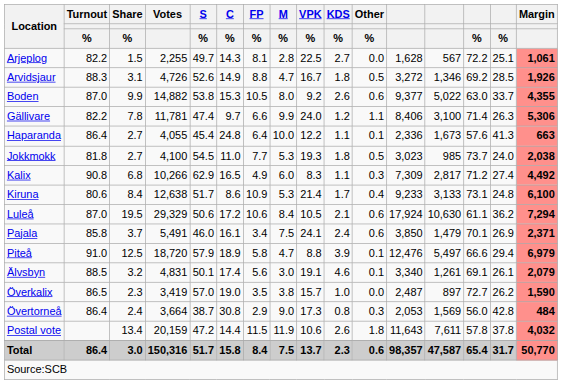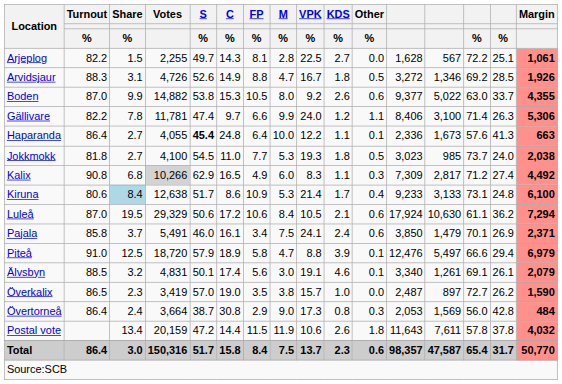 <table class="wikitable sortable" style="text-align:right; font-size:95%; line-height:20px;">
 <tr>
 <th rowspan="3">Location</th>
 <th>Turnout</th>
 <th>Share</th>
 <th>Votes</th>
 <th width="30px" class="unsortable"><a href='#'>S</a></th>
 <th width="30px" class="unsortable"><a href='#'>C</a></th>
 <th width="30px" class="unsortable"><a href='#'>FP</a></th>
 <th width="30px" class="unsortable"><a href='#'>M</a></th>
 <th width="30px" class="unsortable"><a href='#'>VPK</a></th>
 <th width="30px" class="unsortable"><a href='#'>KDS</a></th>
 <th width="30px" class="unsortable">Other</th>
 <th></th>
 <th></th>
 <th></th>
 <th></th>
 <th>Margin</th>
 </tr>
 <tr>
 <th></th>
 <th></th>
 <th></th>
 <th style="background:"></th>
 <th style="background:"></th>
 <th style="background:"></th>
 <th style="background:"></th>
 <th style="background:"></th>
 <th style="background:"></th>
 <th style="background:"></th>
 <th style="background:"></th>
 <th style="background:"></th>
 <th style="background:"></th>
 <th style="background:"></th>
 <th></th>
 </tr>
 <tr>
 <th data-sort-type="number">%</th>
 <th data-sort-type="number">%</th>
 <th></th>
 <th data-sort-type="number">%</th>
 <th data-sort-type="number">%</th>
 <th data-sort-type="number">%</th>
 <th data-sort-type="number">%</th>
 <th data-sort-type="number">%</th>
 <th data-sort-type="number">%</th>
 <th data-sort-type="number">%</th>
 <th data-sort-type="number"></th>
 <th data-sort-type="number"></th>
 <th data-sort-type="number">%</th>
 <th data-sort-type="number">%</th>
 <th data-sort-type="number"></th>
 </tr>
 <tr>
 <td align=left><a href='#'>Arjeplog</a></td>
 <td>82.2</td>
 <td>1.5</td>
 <td>2,255</td>
 <td>49.7</td>
 <td>14.3</td>
 <td>8.1</td>
 <td>2.8</td>
 <td>22.5</td>
 <td>2.7</td>
 <td>0.0</td>
 <td>1,628</td>
 <td>567</td>
 <td>72.2</td>
 <td>25.1</td>
 <td bgcolor=#ff908c><strong>1,061</strong></td>
 </tr>
 <tr>
 <td align=left><a href='#'>Arvidsjaur</a></td>
 <td>88.3</td>
 <td>3.1</td>
 <td>4,726</td>
 <td>52.6</td>
 <td>14.9</td>
 <td>8.8</td>
 <td>4.7</td>
 <td>16.7</td>
 <td>1.8</td>
 <td>0.5</td>
 <td>3,272</td>
 <td>1,346</td>
 <td>69.2</td>
 <td>28.5</td>
 <td bgcolor=#ff908c><strong>1,926</strong></td>
 </tr>
 <tr>
 <td align=left><a href='#'>Boden</a></td>
 <td>87.0</td>
 <td>9.9</td>
 <td>14,882</td>
 <td>53.8</td>
 <td>15.3</td>
 <td>10.5</td>
 <td>8.0</td>
 <td>9.2</td>
 <td>2.6</td>
 <td>0.6</td>
 <td>9,377</td>
 <td>5,022</td>
 <td>63.0</td>
 <td>33.7</td>
 <td bgcolor=#ff908c><strong>4,355</strong></td>
 </tr>
 <tr>
 <td align=left><a href='#'>Gällivare</a></td>
 <td>82.2</td>
 <td>7.8</td>
 <td>11,781</td>
 <td>47.4</td>
 <td>9.7</td>
 <td>6.6</td>
 <td>9.9</td>
 <td>24.0</td>
 <td>1.2</td>
 <td>1.1</td>
 <td>8,406</td>
 <td>3,100</td>
 <td>71.4</td>
 <td>26.3</td>
 <td bgcolor=#ff908c><strong>5,306</strong></td>
 </tr>
 <tr>
 <td align=left><a href='#'>Haparanda</a></td>
 <td>86.4</td>
 <td>2.7</td>
 <td>4,055</td>
-<td>45.4</td>
+<td><strong>45.4</strong></td>
 <td>24.8</td>
 <td>6.4</td>
 <td>10.0</td>
 <td>12.2</td>
 <td>1.1</td>
 <td>0.1</td>
 <td>2,336</td>
 <td>1,673</td>
 <td>57.6</td>
 <td>41.3</td>
 <td bgcolor=#ff908c><strong>663</strong></td>
 </tr>
 <tr>
 <td align=left><a href='#'>Jokkmokk</a></td>
 <td>81.8</td>
 <td>2.7</td>
 <td>4,100</td>
 <td>54.5</td>
 <td>11.0</td>
 <td>7.7</td>
 <td>5.3</td>
 <td>19.3</td>
 <td>1.8</td>
 <td>0.5</td>
 <td>3,023</td>
 <td>985</td>
 <td>73.7</td>
 <td>24.0</td>
 <td bgcolor=#ff908c><strong>2,038</strong></td>
 </tr>
 <tr>
 <td align=left><a href='#'>Kalix</a></td>
 <td>90.8</td>
 <td>6.8</td>
-<td>10,266</td>
+<td style="background: lightgrey;">10,266</td>
 <td>62.9</td>
 <td>16.5</td>
 <td>4.9</td>
 <td>6.0</td>
 <td>8.3</td>
 <td>1.1</td>
 <td>0.3</td>
 <td>7,309</td>
 <td>2,817</td>
 <td>71.2</td>
 <td>27.4</td>
 <td bgcolor=#ff908c><strong>4,492</strong></td>
 </tr>
 <tr>
 <td align=left><a href='#'>Kiruna</a></td>
 <td>80.6</td>
-<td>8.4</td>
+<td style="background: lightblue;">8.4</td>
 <td>12,638</td>
 <td>51.7</td>
 <td>8.6</td>
 <td>10.9</td>
 <td>5.3</td>
 <td>21.4</td>
 <td>1.7</td>
 <td>0.4</td>
 <td>9,233</td>
 <td>3,133</td>
 <td>73.1</td>
 <td>24.8</td>
 <td bgcolor=#ff908c><strong>6,100</strong></td>
 </tr>
 <tr>
 <td align=left><a href='#'>Luleå</a></td>
 <td>87.0</td>
 <td>19.5</td>
 <td>29,329</td>
 <td>50.6</td>
 <td>17.2</td>
 <td>10.6</td>
 <td>8.4</td>
 <td>10.5</td>
 <td>2.1</td>
 <td>0.6</td>
 <td>17,924</td>
 <td>10,630</td>
 <td>61.1</td>
 <td>36.2</td>
 <td bgcolor=#ff908c><strong>7,294</strong></td>
 </tr>
 <tr>
 <td align=left><a href='#'>Pajala</a></td>
 <td>85.8</td>
 <td>3.7</td>
 <td>5,491</td>
 <td>46.0</td>
 <td>16.1</td>
 <td>3.4</td>
 <td>7.5</td>
 <td>24.1</td>
 <td>2.4</td>
 <td>0.6</td>
 <td>3,850</td>
 <td>1,479</td>
 <td>70.1</td>
 <td>26.9</td>
 <td bgcolor=#ff908c><strong>2,371</strong></td>
 </tr>
 <tr>
 <td align=left><a href='#'>Piteå</a></td>
 <td>91.0</td>
 <td>12.5</td>
 <td>18,720</td>
 <td>57.9</td>
 <td>18.9</td>
 <td>5.8</td>
 <td>4.7</td>
 <td>8.8</td>
 <td>3.9</td>
 <td>0.1</td>
 <td>12,476</td>
 <td>5,497</td>
 <td>66.6</td>
 <td>29.4</td>
 <td bgcolor=#ff908c><strong>6,979</strong></td>
 </tr>
 <tr>
 <td align=left><a href='#'>Älvsbyn</a></td>
 <td>88.5</td>
 <td>3.2</td>
 <td>4,831</td>
 <td>50.1</td>
 <td>17.4</td>
 <td>5.6</td>
 <td>3.0</td>
 <td>19.1</td>
 <td>4.6</td>
 <td>0.1</td>
 <td>3,340</td>
 <td>1,261</td>
 <td>69.1</td>
 <td>26.1</td>
 <td bgcolor=#ff908c><strong>2,079</strong></td>
 </tr>
 <tr>
 <td align=left><a href='#'>Överkalix</a></td>
 <td>86.5</td>
 <td>2.3</td>
 <td>3,419</td>
 <td>57.0</td>
 <td>19.0</td>
 <td>3.5</td>
 <td>3.8</td>
 <td>15.7</td>
 <td>1.0</td>
 <td>0.0</td>
 <td>2,487</td>
 <td>897</td>
 <td>72.7</td>
 <td>26.2</td>
 <td bgcolor=#ff908c><strong>1,590</strong></td>
 </tr>
 <tr>
 <td align=left><a href='#'>Övertorneå</a></td>
 <td>86.4</td>
 <td>2.4</td>
 <td>3,664</td>
 <td>38.7</td>
 <td>30.8</td>
 <td>2.9</td>
 <td>9.0</td>
 <td>17.3</td>
 <td>0.8</td>
 <td>0.3</td>
 <td>2,053</td>
 <td>1,569</td>
 <td>56.0</td>
 <td>42.8</td>
 <td bgcolor=#ff908c><strong>484</strong></td>
 </tr>
 <tr>
 <td align=left><a href='#'>Postal vote</a></td>
 <td></td>
 <td>13.4</td>
 <td>20,159</td>
 <td>47.2</td>
 <td>14.4</td>
 <td>11.5</td>
 <td>11.9</td>
 <td>10.6</td>
 <td>2.6</td>
 <td>1.8</td>
 <td>11,643</td>
 <td>7,611</td>
 <td>57.8</td>
 <td>37.8</td>
 <td bgcolor=#ff908c><strong>4,032</strong></td>
 </tr>
 <tr>
 </tr>
 <tr style="background:#CDCDCD;">
 <td align=left><strong>Total</strong></td>
 <td><strong>86.4</strong></td>
 <td><strong>3.0</strong></td>
 <td><strong>150,316</strong></td>
 <td><strong>51.7</strong></td>
 <td><strong>15.8</strong></td>
 <td><strong>8.4</strong></td>
 <td><strong>7.5</strong></td>
 <td><strong>13.7</strong></td>
 <td><strong>2.3</strong></td>
 <td><strong>0.6</strong></td>
 <td><strong>98,357</strong></td>
 <td><strong>47,587</strong></td>
 <td><strong>65.4</strong></td>
 <td><strong>31.7</strong></td>
 <td bgcolor=#ff908c><strong>50,770</strong></td>
 </tr>
 <tr>
 <td align=left colspan=16>Source:SCB </td>
 </tr>
 </table>
